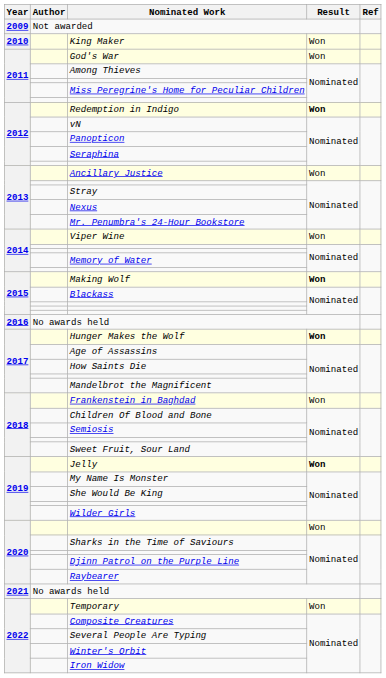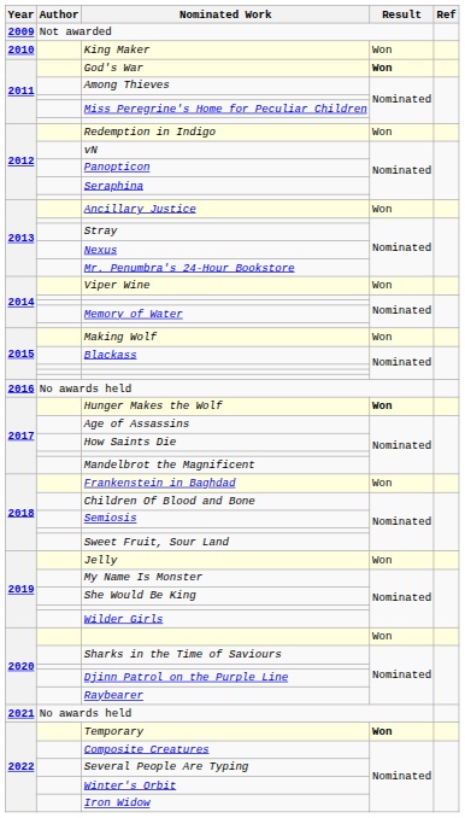 <table class="wikitable sortable">
 <tr>
 <th>Year</th>
 <th>Author</th>
 <th>Nominated Work</th>
 <th>Result</th>
 <th>Ref</th>
 </tr>
 <tr>
 <th><a href='#'>2009</a></th>
 <td colspan="3">Not awarded</td>
 <td></td>
 </tr>
 <tr style="background:lightyellow;">
 <th><a href='#'>2010</a></th>
 <td></td>
 <td><em>King Maker</em></td>
 <td>Won</td>
 <td></td>
 </tr>
 <tr style="background:lightyellow;">
 <th rowspan="5"><a href='#'>2011</a></th>
 <td></td>
 <td><em>God's War</em></td>
-<td>Won</td>
+<td><strong>Won</strong></td>
 <td></td>
 </tr>
 <tr>
 <td></td>
 <td><em>Among Thieves</em></td>
 <td rowspan="4">Nominated</td>
 <td rowspan="4"></td>
 </tr>
 <tr>
 <td></td>
 <td></td>
 </tr>
 <tr>
 <td></td>
 <td><em><a href='#'>Miss Peregrine's Home for Peculiar Children</a></em></td>
 </tr>
 <tr>
 <td></td>
 <td></td>
 </tr>
 <tr style="background:lightyellow;">
 <th rowspan="5"><a href='#'>2012</a></th>
 <td></td>
 <td><em>Redemption in Indigo</em></td>
-<td><strong>Won</strong></td>
+<td>Won</td>
 <td></td>
 </tr>
 <tr>
 <td></td>
 <td><em>vN</em></td>
 <td rowspan="4">Nominated</td>
 <td rowspan="4"></td>
 </tr>
 <tr>
 <td></td>
 <td><em><a href='#'>Panopticon</a></em></td>
 </tr>
 <tr>
 <td></td>
 <td><em><a href='#'>Seraphina</a></em></td>
 </tr>
 <tr>
 <td></td>
 <td></td>
 </tr>
 <tr style="background:lightyellow;">
 <th rowspan="5"><a href='#'>2013</a></th>
 <td></td>
 <td><em><a href='#'>Ancillary Justice</a></em></td>
 <td>Won</td>
 <td></td>
 </tr>
 <tr>
 <td></td>
 <td></td>
 <td rowspan="4">Nominated</td>
 <td rowspan="4"></td>
 </tr>
 <tr>
 <td></td>
 <td><em>Stray</em></td>
 </tr>
 <tr>
 <td></td>
 <td><em><a href='#'>Nexus</a></em></td>
 </tr>
 <tr>
 <td></td>
 <td><em><a href='#'>Mr. Penumbra's 24-Hour Bookstore</a></em></td>
 </tr>
 <tr style="background:lightyellow;">
 <th rowspan="5"><a href='#'>2014</a></th>
 <td></td>
 <td><em>Viper Wine</em></td>
 <td>Won</td>
 <td></td>
 </tr>
 <tr>
 <td></td>
 <td></td>
 <td rowspan="4">Nominated</td>
 <td rowspan="4"></td>
 </tr>
 <tr>
 <td></td>
 <td></td>
 </tr>
 <tr>
 <td></td>
 <td><em><a href='#'>Memory of Water</a></em></td>
 </tr>
 <tr>
 <td></td>
 <td></td>
 </tr>
 <tr style="background:lightyellow;">
 <th rowspan="5"><a href='#'>2015</a></th>
 <td></td>
 <td><em>Making Wolf</em></td>
-<td><strong>Won</strong></td>
+<td>Won</td>
 <td></td>
 </tr>
 <tr>
 <td></td>
 <td><em><a href='#'>Blackass</a></em></td>
 <td rowspan="4">Nominated</td>
 <td rowspan="4"></td>
 </tr>
 <tr>
 <td></td>
 <td></td>
 </tr>
 <tr>
 <td></td>
 <td></td>
 </tr>
 <tr>
 <td></td>
 <td></td>
 </tr>
 <tr>
 <th><a href='#'>2016</a></th>
 <td colspan="3">No awards held</td>
 <td></td>
 </tr>
 <tr style="background:lightyellow;">
 <th rowspan="5"><a href='#'>2017</a></th>
 <td></td>
 <td><em>Hunger Makes the Wolf</em></td>
 <td><strong>Won</strong></td>
 <td></td>
 </tr>
 <tr>
 <td></td>
 <td><em>Age of Assassins</em></td>
 <td rowspan="4">Nominated</td>
 <td rowspan="4"></td>
 </tr>
 <tr>
 <td></td>
 <td><em>How Saints Die</em></td>
 </tr>
 <tr>
 <td></td>
 <td></td>
 </tr>
 <tr>
 <td></td>
 <td><em>Mandelbrot the Magnificent</em></td>
 </tr>
 <tr style="background:lightyellow;">
 <th rowspan="5"><a href='#'>2018</a></th>
 <td></td>
 <td><em><a href='#'>Frankenstein in Baghdad</a></em></td>
 <td>Won</td>
 <td></td>
 </tr>
 <tr>
 <td></td>
 <td><em>Children Of Blood and Bone</em></td>
 <td rowspan="4">Nominated</td>
 <td rowspan="4"></td>
 </tr>
 <tr>
 <td></td>
 <td><em><a href='#'>Semiosis</a></em></td>
 </tr>
 <tr>
 <td></td>
 <td></td>
 </tr>
 <tr>
 <td></td>
 <td><em>Sweet Fruit, Sour Land</em></td>
 </tr>
 <tr style="background:lightyellow;">
 <th rowspan="5"><a href='#'>2019</a></th>
 <td></td>
 <td><em>Jelly</em></td>
-<td><strong>Won</strong></td>
+<td>Won</td>
 <td></td>
 </tr>
 <tr>
 <td></td>
 <td><em>My Name Is Monster</em></td>
 <td rowspan="4">Nominated</td>
 <td rowspan="4"></td>
 </tr>
 <tr>
 <td></td>
 <td><em>She Would Be King</em></td>
 </tr>
 <tr>
 <td></td>
 <td></td>
 </tr>
 <tr>
 <td></td>
 <td><em><a href='#'>Wilder Girls</a></em></td>
 </tr>
 <tr style="background:lightyellow;">
 <th rowspan="5"><a href='#'>2020</a></th>
 <td></td>
 <td></td>
 <td>Won</td>
 <td></td>
 </tr>
 <tr>
 <td></td>
 <td><em>Sharks in the Time of Saviours</em></td>
 <td rowspan="4">Nominated</td>
 <td rowspan="4"></td>
 </tr>
 <tr>
 <td></td>
 <td></td>
 </tr>
 <tr>
 <td></td>
 <td><em><a href='#'>Djinn Patrol on the Purple Line</a></em></td>
 </tr>
 <tr>
 <td></td>
 <td><em><a href='#'>Raybearer</a></em></td>
 </tr>
 <tr>
 <th><a href='#'>2021</a></th>
 <td colspan="3">No awards held</td>
 <td></td>
 </tr>
 <tr style="background:lightyellow;">
 <th rowspan="5"><a href='#'>2022</a></th>
 <td></td>
 <td><em>Temporary</em></td>
-<td>Won</td>
+<td><strong>Won</strong></td>
 <td></td>
 </tr>
 <tr>
 <td></td>
 <td><em><a href='#'>Composite Creatures</a></em></td>
 <td rowspan="4">Nominated</td>
 <td rowspan="4"></td>
 </tr>
 <tr>
 <td></td>
 <td><em>Several People Are Typing</em></td>
 </tr>
 <tr>
 <td></td>
 <td><em><a href='#'>Winter's Orbit</a></em></td>
 </tr>
 <tr>
 <td></td>
 <td><em><a href='#'>Iron Widow</a></em></td>
 </tr>
 </table>
